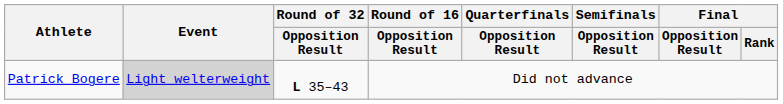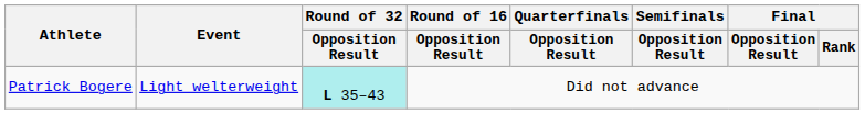 <table class="wikitable" style="font-size:90%">
 <tr>
 <th rowspan="2">Athlete</th>
 <th rowspan="2">Event</th>
 <th>Round of 32</th>
 <th>Round of 16</th>
 <th>Quarterfinals</th>
 <th>Semifinals</th>
 <th colspan=2>Final</th>
 </tr>
 <tr style="font-size:95%">
 <th>Opposition<br>Result</th>
 <th>Opposition<br>Result</th>
 <th>Opposition<br>Result</th>
 <th>Opposition<br>Result</th>
 <th>Opposition<br>Result</th>
 <th>Rank</th>
 </tr>
 <tr align=center>
 <td align=left><a href='#'>Patrick Bogere</a></td>
-<td align=left style="background: lightgrey;"><a href='#'>Light welterweight</a></td>
-<td><br><strong>L</strong> 35–43</td>
+<td align=left><a href='#'>Light welterweight</a></td>
+<td style="background: paleturquoise;"><br><strong>L</strong> 35–43</td>
 <td colspan=5>Did not advance</td>
 </tr>
 </table>
